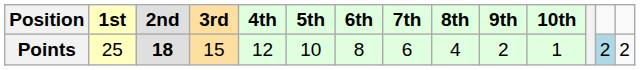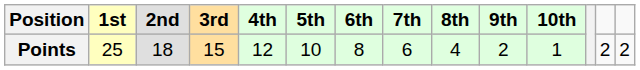 <table class="wikitable" style="font-size:85%; text-align:center">
 <tr>
 <th>Position</th>
 <td style="background:#ffffbf;"> <strong>1st</strong> </td>
 <td style="background:#dfdfdf;"> <strong>2nd</strong> </td>
 <td style="background:#ffdf9f;"> <strong>3rd</strong> </td>
 <td style="background:#dfffdf;"> <strong>4th</strong> </td>
 <td style="background:#dfffdf;"> <strong>5th</strong> </td>
 <td style="background:#dfffdf;"> <strong>6th</strong> </td>
 <td style="background:#dfffdf;"> <strong>7th</strong> </td>
 <td style="background:#dfffdf;"> <strong>8th</strong> </td>
 <td style="background:#dfffdf;"> <strong>9th</strong> </td>
 <td style="background:#dfffdf;"> <strong>10th</strong> </td>
 <th rowspan=2></th>
 <td>  </td>
 <td>  </td>
 </tr>
 <tr>
 <th>Points</th>
 <td style="background:#ffffbf;">25</td>
-<td style="background:#dfdfdf;"><strong>18</strong></td>
+<td style="background:#dfdfdf;">18</td>
 <td style="background:#ffdf9f;">15</td>
 <td style="background:#dfffdf;">12</td>
 <td style="background:#dfffdf;">10</td>
 <td style="background:#dfffdf;">8</td>
 <td style="background:#dfffdf;">6</td>
 <td style="background:#dfffdf;">4</td>
 <td style="background:#dfffdf;">2</td>
 <td style="background:#dfffdf;">1</td>
-<td style="background: lightblue;">2</td>
+<td>2</td>
 <td>2</td>
 </tr>
 </table>
